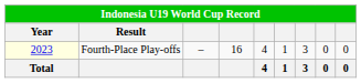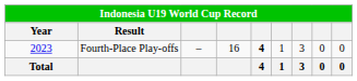 <table class="wikitable" style="font-size:90%; text-align:center">
 <tr>
 <th style="color:white; background:#00C301;" colspan=9>Indonesia U19 World Cup Record</th>
 </tr>
 <tr>
 <th width="90">Year</th>
 <th>Result</th>
 <th width="40"></th>
 <th width="40"></th>
 <th width="20"></th>
 <th width="20"></th>
 <th width="20"></th>
 <th width="20"></th>
 <th width="20"></th>
 </tr>
 <tr>
-<td style="background: lightyellow;"> <a href='#'>2023</a></td>
+<td> <a href='#'>2023</a></td>
 <td>Fourth-Place Play-offs</td>
 <td>–</td>
 <td>16</td>
-<td>4</td>
+<td><strong>4</strong></td>
 <td>1</td>
 <td>3</td>
 <td>0</td>
 <td>0</td>
 </tr>
 <tr>
 <th>Total</th>
 <th></th>
 <th></th>
 <th></th>
 <th>4</th>
 <th>1</th>
 <th>3</th>
 <th>0</th>
 <th>0</th>
 </tr>
 </table>
